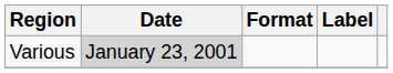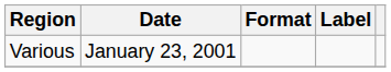 <table class="wikitable plainrowheaders">
 <tr>
 <th scope="col">Region</th>
 <th scope="col">Date</th>
 <th scope="col">Format</th>
 <th scope="col">Label</th>
 <th scope="col"></th>
 </tr>
 <tr>
 <td>Various</td>
-<td style="background: lightgrey;">January 23, 2001</td>
+<td>January 23, 2001</td>
 <td></td>
 <td></td>
 <td></td>
 </tr>
 <tr>
 </tr>
 </table>
